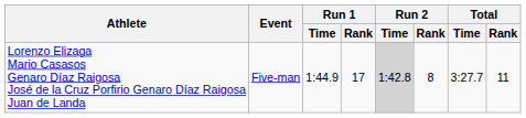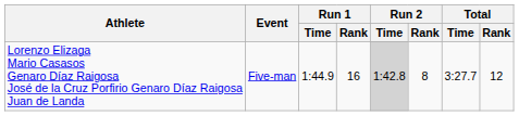 <table class="wikitable" style="font-size:90%">
 <tr>
 <th rowspan="2">Athlete</th>
 <th rowspan="2">Event</th>
 <th colspan="2">Run 1</th>
 <th colspan="2">Run 2</th>
 <th colspan="2">Total</th>
 </tr>
 <tr>
 <th>Time</th>
 <th>Rank</th>
 <th>Time</th>
 <th>Rank</th>
 <th>Time</th>
 <th>Rank</th>
 </tr>
 <tr align="center">
 <td align="left"><a href='#'>Lorenzo Elizaga</a> <br> <a href='#'>Mario Casasos</a> <br> <a href='#'>Genaro Díaz Raigosa</a> <br><a href='#'>José de la Cruz Porfirio Genaro Díaz Raigosa</a> <br> <a href='#'>Juan de Landa</a></td>
 <td align="left" rowspan=2><a href='#'>Five-man</a></td>
 <td>1:44.9</td>
-<td>17</td>
+<td>16</td>
 <td style="background: lightgrey;">1:42.8</td>
 <td>8</td>
 <td>3:27.7</td>
-<td>11</td>
+<td>12</td>
 </tr>
 </table>
